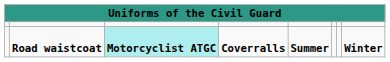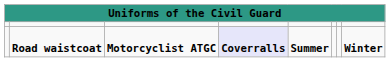 <table class="wikitable">
 <tr bgcolor="#2d9885">
 <td colspan=8 style="text-align:center;"><strong>Uniforms of the Civil Guard</strong></td>
 </tr>
 <tr>
 <td></td>
 <td></td>
 <td></td>
 <td></td>
 <td></td>
 <td></td>
 <td></td>
 <td></td>
 </tr>
 <tr>
 <td></td>
 <td><br><strong>Road waistcoat</strong></td>
-<td style="background: paleturquoise;"><br><strong>Motorcyclist ATGC</strong></td>
-<td><br><strong>Coverralls</strong></td>
+<td><br><strong>Motorcyclist ATGC</strong></td>
+<td style="background: lavender;"><br><strong>Coverralls</strong></td>
 <td><br><strong>Summer</strong></td>
 <td></td>
 <td></td>
 <td><br><strong>Winter</strong></td>
 </tr>
 </table>
